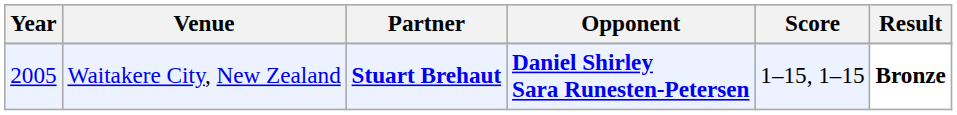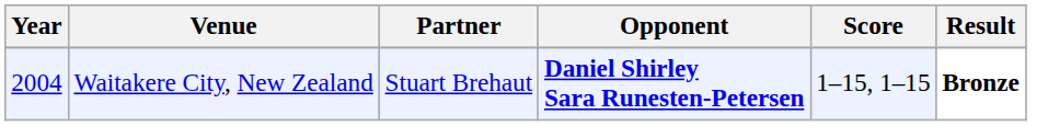 <table class="sortable wikitable" style="font-size: 90%;">
 <tr>
 <th>Year</th>
 <th>Venue</th>
 <th>Partner</th>
 <th>Opponent</th>
 <th>Score</th>
 <th>Result</th>
 </tr>
 <tr>
 </tr>
 <tr style="background:#ECF2FF">
-<td align="center"><a href='#'>2005</a></td>
+<td align="center"><a href='#'>2004</a></td>
 <td align="left"><a href='#'>Waitakere City</a>, <a href='#'>New Zealand</a></td>
-<td align="left"><strong> <a href='#'>Stuart Brehaut</a></strong></td>
+<td align="left"> <a href='#'>Stuart Brehaut</a></td>
 <td align="left"><strong> <a href='#'>Daniel Shirley</a><br> <a href='#'>Sara Runesten-Petersen</a></strong></td>
 <td align="left">1–15, 1–15</td>
 <td style="text-align:left; background:white"> <strong>Bronze</strong></td>
 </tr>
 </table>
